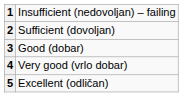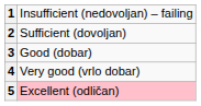 <table class="wikitable">
 <tr>
 <th align="right">1</th>
 <td>Insufficient (nedovoljan) – failing</td>
 </tr>
 <tr>
 <th align="right">2</th>
 <td>Sufficient (dovoljan)</td>
 </tr>
 <tr>
 <th align="right">3</th>
 <td>Good (dobar)</td>
 </tr>
 <tr>
 <th align="right">4</th>
 <td>Very good (vrlo dobar)</td>
 </tr>
 <tr>
 <th align="right">5</th>
-<td>Excellent (odličan)</td>
+<td style="background: pink;">Excellent (odličan)</td>
 </tr>
 </table>
